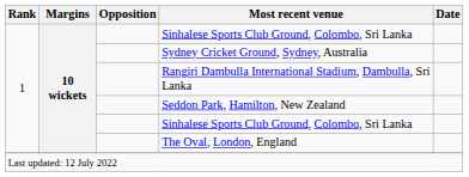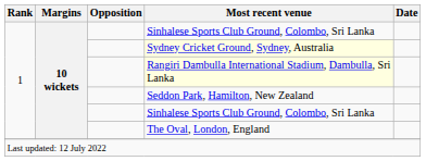 <table class="wikitable plainrowheaders sortable">
 <tr>
 <th scope=col>Rank</th>
 <th scope=col>Margins</th>
 <th scope=col>Opposition</th>
 <th scope=col>Most recent venue</th>
 <th scope=col>Date</th>
 </tr>
 <tr>
 <td align=center rowspan=6>1</td>
 <th scope=row style=text-align:center rowspan=6>10 wickets</th>
 <td></td>
 <td><a href='#'>Sinhalese Sports Club Ground</a>, <a href='#'>Colombo</a>, Sri Lanka</td>
 <td></td>
 </tr>
 <tr>
 <td></td>
-<td><a href='#'>Sydney Cricket Ground</a>, <a href='#'>Sydney</a>, Australia</td>
+<td style="background: lightyellow;"><a href='#'>Sydney Cricket Ground</a>, <a href='#'>Sydney</a>, Australia</td>
 <td></td>
 </tr>
 <tr>
 <td></td>
-<td><a href='#'>Rangiri Dambulla International Stadium</a>, <a href='#'>Dambulla</a>, Sri Lanka</td>
+<td style="background: lightyellow;"><a href='#'>Rangiri Dambulla International Stadium</a>, <a href='#'>Dambulla</a>, Sri Lanka</td>
 <td></td>
 </tr>
 <tr>
 <td></td>
 <td><a href='#'>Seddon Park</a>, <a href='#'>Hamilton</a>, New Zealand</td>
 <td></td>
 </tr>
 <tr>
 <td></td>
 <td><a href='#'>Sinhalese Sports Club Ground</a>, <a href='#'>Colombo</a>, Sri Lanka</td>
 <td> </td>
 </tr>
 <tr>
 <td></td>
 <td><a href='#'>The Oval</a>, <a href='#'>London</a>, England</td>
 <td></td>
 </tr>
 <tr>
 </tr>
 <tr class=sortbottom>
 <td colspan=5><small>Last updated: 12 July 2022</small></td>
 </tr>
 </table>
